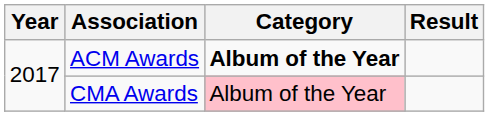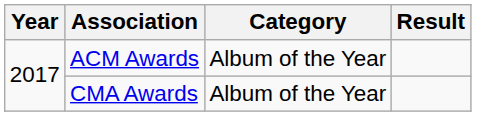 <table class="wikitable plainrowheaders">
 <tr>
 <th>Year</th>
 <th>Association</th>
 <th>Category</th>
 <th>Result</th>
 </tr>
 <tr>
 <td rowspan="2">2017</td>
 <td><a href='#'>ACM Awards</a></td>
-<td><strong>Album of the Year</strong></td>
+<td>Album of the Year</td>
 <td></td>
 </tr>
 <tr>
 <td><a href='#'>CMA Awards</a></td>
-<td style="background: pink;">Album of the Year</td>
+<td>Album of the Year</td>
 <td></td>
 </tr>
 </table>
